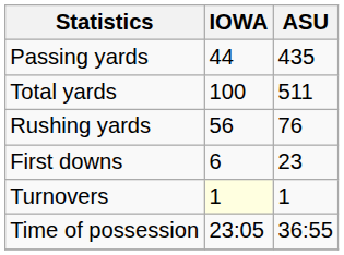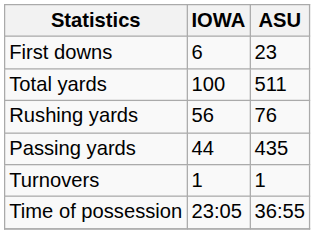 <table class="wikitable">
 <tr>
 <th>Statistics</th>
 <th>IOWA</th>
 <th>ASU</th>
 </tr>
 <tr>
-<td>Passing yards</td>
-<td>44</td>
-<td>435</td>
+<td>First downs</td>
+<td>6</td>
+<td>23</td>
 </tr>
 <tr>
 <td>Total yards</td>
 <td>100</td>
 <td>511</td>
 </tr>
 <tr>
 <td>Rushing yards</td>
 <td>56</td>
 <td>76</td>
 </tr>
 <tr>
-<td>First downs</td>
-<td>6</td>
-<td>23</td>
+<td>Passing yards</td>
+<td>44</td>
+<td>435</td>
 </tr>
 <tr>
 <td>Turnovers</td>
-<td style="background: lightyellow;">1</td>
+<td>1</td>
 <td>1</td>
 </tr>
 <tr>
 <td>Time of possession</td>
 <td>23:05</td>
 <td>36:55</td>
 </tr>
 <tr>
 </tr>
 </table>
